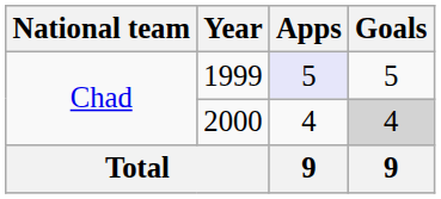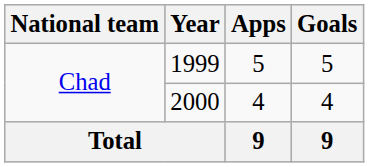 <table class="wikitable" style="text-align: center;">
 <tr>
 <th>National team</th>
 <th>Year</th>
 <th>Apps</th>
 <th>Goals</th>
 </tr>
 <tr>
 <td rowspan="2"><a href='#'>Chad</a></td>
 <td>1999</td>
-<td style="background: lavender;">5</td>
+<td>5</td>
 <td>5</td>
 </tr>
 <tr>
 <td>2000</td>
 <td>4</td>
-<td style="background: lightgrey;">4</td>
+<td>4</td>
 </tr>
 <tr>
 <th colspan="2">Total</th>
 <th>9</th>
 <th>9</th>
 </tr>
 </table>
